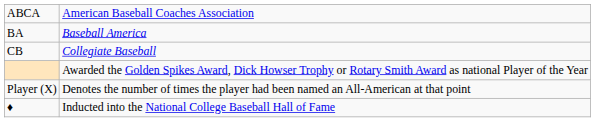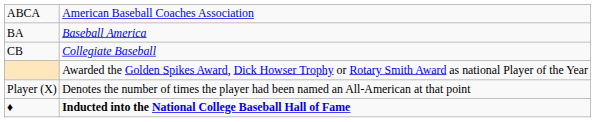 <table class="wikitable">
 <tr>
 <td>ABCA</td>
 <td><a href='#'>American Baseball Coaches Association</a></td>
 </tr>
 <tr>
 <td>BA</td>
 <td><em><a href='#'>Baseball America</a></em></td>
 </tr>
 <tr>
 <td>CB</td>
 <td><em><a href='#'>Collegiate Baseball</a></em></td>
 </tr>
 <tr>
 <td style="background-color:#FFE6BD"></td>
 <td>Awarded the <a href='#'>Golden Spikes Award</a>, <a href='#'>Dick Howser Trophy</a> or <a href='#'>Rotary Smith Award</a> as national Player of the Year</td>
 </tr>
 <tr>
 <td>Player (X)</td>
 <td>Denotes the number of times the player had been named an All-American at that point</td>
 </tr>
 <tr>
 <td>♦</td>
-<td>Inducted into the <a href='#'>National College Baseball Hall of Fame</a></td>
+<td><strong>Inducted into the <a href='#'>National College Baseball Hall of Fame</a></strong></td>
 </tr>
 </table>
